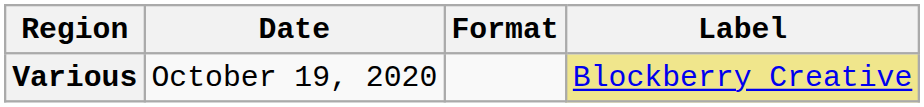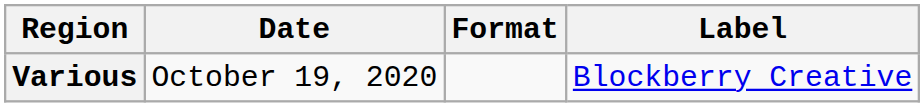 <table class="wikitable plainrowheaders">
 <tr>
 <th>Region</th>
 <th>Date</th>
 <th>Format</th>
 <th>Label</th>
 </tr>
 <tr>
 <th scope="row">Various</th>
 <td rowspan=2>October 19, 2020</td>
 <td rowspan=2></td>
-<td rowspan="1" style="background: khaki;"><a href='#'>Blockberry Creative</a></td>
+<td rowspan="1"><a href='#'>Blockberry Creative</a></td>
 </tr>
 </table>
